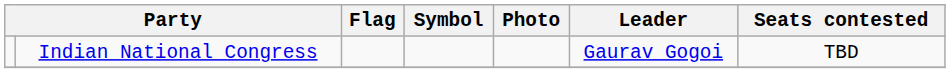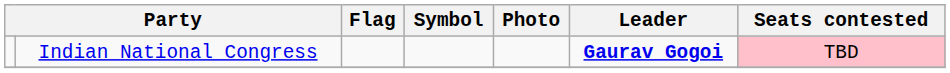 <table class="wikitable" width="50%" style="text-align:center;">
 <tr>
 <th colspan="2">Party</th>
 <th>Flag</th>
 <th>Symbol</th>
 <th>Photo</th>
 <th>Leader</th>
 <th>Seats contested</th>
 </tr>
 <tr>
 <td></td>
 <td><a href='#'>Indian National Congress</a></td>
 <td></td>
 <td></td>
 <td></td>
-<td><a href='#'>Gaurav Gogoi</a></td>
-<td>TBD</td>
+<td><strong><a href='#'>Gaurav Gogoi</a></strong></td>
+<td style="background: pink;">TBD</td>
 </tr>
 <tr>
 </tr>
 </table>
